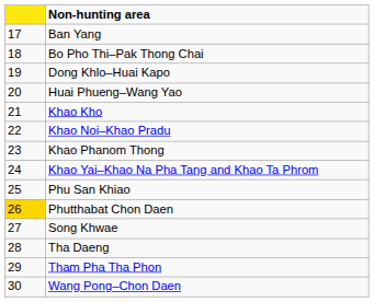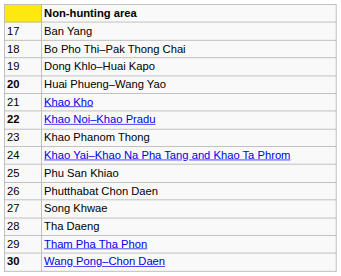 <table class= "wikitable" style= "width:30%; display:inline-table;">
 <tr>
 <td style="width:3%; background:#FDE910;"> </td>
 <td style="width:30%;"><strong>Non-hunting area</strong></td>
 </tr>
 <tr>
 <td>17</td>
 <td>Ban Yang</td>
 </tr>
 <tr>
 <td>18</td>
 <td>Bo Pho Thi–Pak Thong Chai</td>
 </tr>
 <tr>
 <td>19</td>
 <td>Dong Khlo–Huai Kapo</td>
 </tr>
 <tr>
-<td>20</td>
+<td><strong>20</strong></td>
 <td>Huai Phueng–Wang Yao</td>
 </tr>
 <tr>
 <td>21</td>
 <td><a href='#'>Khao Kho</a></td>
 </tr>
 <tr>
-<td>22</td>
+<td><strong>22</strong></td>
 <td><a href='#'>Khao Noi–Khao Pradu</a></td>
 </tr>
 <tr>
 <td>23</td>
 <td>Khao Phanom Thong</td>
 </tr>
 <tr>
 <td>24</td>
 <td><a href='#'>Khao Yai–Khao Na Pha Tang and Khao Ta Phrom</a></td>
 </tr>
 <tr>
 <td>25</td>
 <td>Phu San Khiao</td>
 </tr>
 <tr>
-<td style="background: gold;">26</td>
+<td>26</td>
 <td>Phutthabat Chon Daen</td>
 </tr>
 <tr>
 <td>27</td>
 <td>Song Khwae</td>
 </tr>
 <tr>
 <td>28</td>
 <td>Tha Daeng</td>
 </tr>
 <tr>
 <td>29</td>
 <td><a href='#'>Tham Pha Tha Phon</a></td>
 </tr>
 <tr>
-<td>30</td>
+<td><strong>30</strong></td>
 <td><a href='#'>Wang Pong–Chon Daen</a></td>
 </tr>
 </table>
